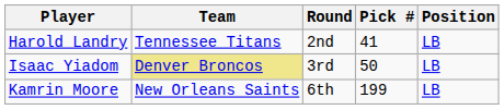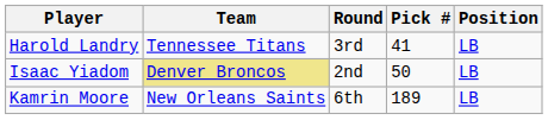 <table class="wikitable">
 <tr>
 <th>Player</th>
 <th>Team</th>
 <th>Round</th>
 <th>Pick #</th>
 <th>Position</th>
 </tr>
 <tr>
 <td><a href='#'>Harold Landry</a></td>
 <td><a href='#'>Tennessee Titans</a></td>
-<td>2nd</td>
+<td>3rd</td>
 <td>41</td>
 <td><a href='#'>LB</a></td>
 </tr>
 <tr>
 <td><a href='#'>Isaac Yiadom</a></td>
 <td style="background: khaki;"><a href='#'>Denver Broncos</a></td>
-<td>3rd</td>
+<td>2nd</td>
 <td>50</td>
 <td><a href='#'>LB</a></td>
 </tr>
 <tr>
 <td><a href='#'>Kamrin Moore</a></td>
 <td><a href='#'>New Orleans Saints</a></td>
 <td>6th</td>
-<td>199</td>
+<td>189</td>
 <td><a href='#'>LB</a></td>
 </tr>
 </table>
